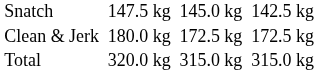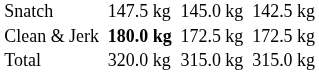 <table>
 <tr>
 <td>Snatch</td>
 <td></td>
 <td>147.5 kg</td>
 <td></td>
 <td>145.0 kg</td>
 <td></td>
 <td>142.5 kg</td>
 </tr>
 <tr>
 <td>Clean & Jerk</td>
 <td></td>
-<td>180.0 kg</td>
+<td><strong>180.0 kg</strong></td>
 <td></td>
 <td>172.5 kg</td>
 <td></td>
 <td>172.5 kg</td>
 </tr>
 <tr>
 <td>Total</td>
 <td></td>
 <td>320.0 kg</td>
 <td></td>
 <td>315.0 kg</td>
 <td></td>
 <td>315.0 kg</td>
 </tr>
 </table>
